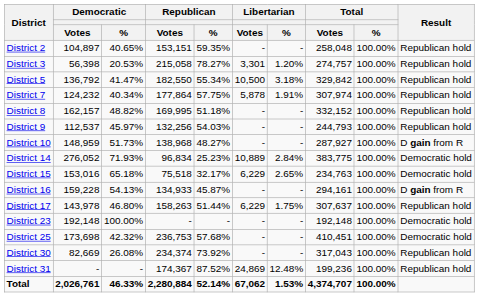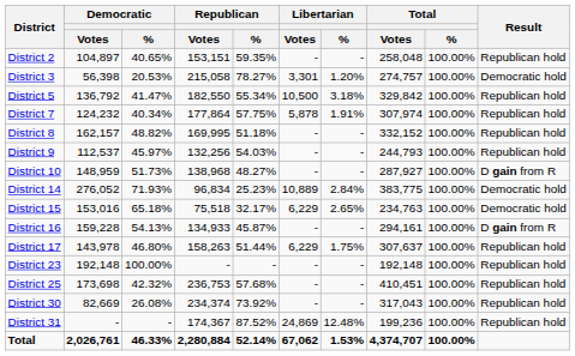 <table class="wikitable plainrowheaders sortable" style="font-size:100%; text-align:right;">
 <tr>
 <th rowspan="3">District</th>
 <th colspan="2">Democratic</th>
 <th colspan="2">Republican</th>
 <th colspan="2">Libertarian</th>
 <th colspan="2">Total</th>
 <th rowspan="3">Result</th>
 </tr>
 <tr>
 <th colspan="2" style="background:"></th>
 <th colspan="2" style="background:"></th>
 <th colspan="2" style="background:"></th>
 <th colspan="2"></th>
 </tr>
 <tr>
 <th scope=col data-sort-type="number">Votes</th>
 <th scope=col data-sort-type="number">%</th>
 <th scope=col data-sort-type="number">Votes</th>
 <th scope=col data-sort-type="number">%</th>
 <th scope=col data-sort-type="number">Votes</th>
 <th scope=col data-sort-type="number">%</th>
 <th scope=col data-sort-type="number">Votes</th>
 <th scope=col data-sort-type="number">%</th>
 </tr>
 <tr>
 <td align="left"><a href='#'>District 2</a></td>
 <td>104,897</td>
 <td>40.65%</td>
 <td>153,151</td>
 <td>59.35%</td>
 <td>-</td>
 <td>-</td>
 <td>258,048</td>
 <td>100.00%</td>
 <td align="left">Republican hold</td>
 </tr>
 <tr>
 <td align="left"><a href='#'>District 3</a></td>
 <td>56,398</td>
 <td>20.53%</td>
 <td>215,058</td>
 <td>78.27%</td>
 <td>3,301</td>
 <td>1.20%</td>
 <td>274,757</td>
 <td>100.00%</td>
-<td align="left">Republican hold</td>
+<td align="left">Democratic hold</td>
 </tr>
 <tr>
 <td align="left"><a href='#'>District 5</a></td>
 <td>136,792</td>
 <td>41.47%</td>
 <td>182,550</td>
 <td>55.34%</td>
 <td>10,500</td>
 <td>3.18%</td>
 <td>329,842</td>
 <td>100.00%</td>
 <td align="left">Republican hold</td>
 </tr>
 <tr>
 <td align="left"><a href='#'>District 7</a></td>
 <td>124,232</td>
 <td>40.34%</td>
 <td>177,864</td>
 <td>57.75%</td>
 <td>5,878</td>
 <td>1.91%</td>
 <td>307,974</td>
 <td>100.00%</td>
 <td align="left">Republican hold</td>
 </tr>
 <tr>
 <td align="left"><a href='#'>District 8</a></td>
 <td>162,157</td>
 <td>48.82%</td>
 <td>169,995</td>
 <td>51.18%</td>
 <td>-</td>
 <td>-</td>
 <td>332,152</td>
 <td>100.00%</td>
 <td align="left">Republican hold</td>
 </tr>
 <tr>
 <td align="left"><a href='#'>District 9</a></td>
 <td>112,537</td>
 <td>45.97%</td>
 <td>132,256</td>
 <td>54.03%</td>
 <td>-</td>
 <td>-</td>
 <td>244,793</td>
 <td>100.00%</td>
 <td align="left">Republican hold</td>
 </tr>
 <tr>
 <td align="left"><a href='#'>District 10</a></td>
 <td>148,959</td>
 <td>51.73%</td>
 <td>138,968</td>
 <td>48.27%</td>
 <td>-</td>
 <td>-</td>
 <td>287,927</td>
 <td>100.00%</td>
 <td align="left">D <strong>gain</strong> from R</td>
 </tr>
 <tr>
 <td align="left"><a href='#'>District 14</a></td>
 <td>276,052</td>
 <td>71.93%</td>
 <td>96,834</td>
 <td>25.23%</td>
 <td>10,889</td>
 <td>2.84%</td>
 <td>383,775</td>
 <td>100.00%</td>
 <td align="left">Democratic hold</td>
 </tr>
 <tr>
 <td align="left"><a href='#'>District 15</a></td>
 <td>153,016</td>
 <td>65.18%</td>
 <td>75,518</td>
 <td>32.17%</td>
 <td>6,229</td>
 <td>2.65%</td>
 <td>234,763</td>
 <td>100.00%</td>
 <td align="left">Democratic hold</td>
 </tr>
 <tr>
 <td align="left"><a href='#'>District 16</a></td>
 <td>159,228</td>
 <td>54.13%</td>
 <td>134,933</td>
 <td>45.87%</td>
 <td>-</td>
 <td>-</td>
 <td>294,161</td>
 <td>100.00%</td>
 <td align="left">D <strong>gain</strong> from R</td>
 </tr>
 <tr>
 <td align="left"><a href='#'>District 17</a></td>
 <td>143,978</td>
 <td>46.80%</td>
 <td>158,263</td>
 <td>51.44%</td>
 <td>6,229</td>
 <td>1.75%</td>
 <td>307,637</td>
 <td>100.00%</td>
 <td align="left">Republican hold</td>
 </tr>
 <tr>
 <td align="left"><a href='#'>District 23</a></td>
 <td>192,148</td>
 <td>100.00%</td>
 <td>-</td>
 <td>-</td>
 <td>-</td>
 <td>-</td>
 <td>192,148</td>
 <td>100.00%</td>
-<td align="left">Democratic hold</td>
+<td align="left">Republican hold</td>
 </tr>
 <tr>
 <td align="left"><a href='#'>District 25</a></td>
 <td>173,698</td>
 <td>42.32%</td>
 <td>236,753</td>
 <td>57.68%</td>
 <td>-</td>
 <td>-</td>
 <td>410,451</td>
 <td>100.00%</td>
-<td align="left">Democratic hold</td>
+<td align="left">Republican hold</td>
 </tr>
 <tr>
 <td align="left"><a href='#'>District 30</a></td>
 <td>82,669</td>
 <td>26.08%</td>
 <td>234,374</td>
 <td>73.92%</td>
 <td>-</td>
 <td>-</td>
 <td>317,043</td>
 <td>100.00%</td>
 <td align="left">Republican hold</td>
 </tr>
 <tr>
 <td align="left"><a href='#'>District 31</a></td>
 <td>-</td>
 <td>-</td>
 <td>174,367</td>
 <td>87.52%</td>
 <td>24,869</td>
 <td>12.48%</td>
 <td>199,236</td>
 <td>100.00%</td>
 <td align="left">Republican hold</td>
 </tr>
 <tr class="sortbottom" style="font-weight:bold">
 <td align="left">Total</td>
 <td>2,026,761</td>
 <td>46.33%</td>
 <td>2,280,884</td>
 <td>52.14%</td>
 <td>67,062</td>
 <td>1.53%</td>
 <td>4,374,707</td>
 <td>100.00%</td>
 <td></td>
 </tr>
 </table>
